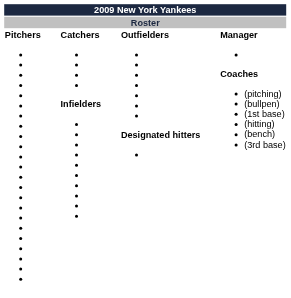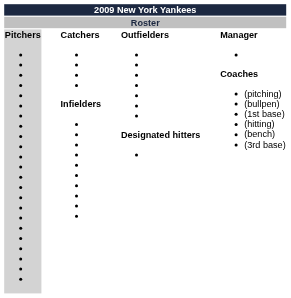 <table class="toccolours" style="font-size: 95%;">
 <tr>
 <th colspan="10" style="background:#1c2841; color:white; text-align:center;">2009 New York Yankees</th>
 </tr>
 <tr>
 <td colspan="10" style="background:silver; color:#1c2841; text-align:center;"><strong>Roster</strong></td>
 </tr>
 <tr>
-<td valign="top"><strong>Pitchers</strong><br><ul><li></li><li></li><li></li><li></li><li></li><li></li><li></li><li></li><li></li><li></li><li></li><li></li><li></li><li></li><li></li><li></li><li></li><li></li><li></li><li></li><li></li><li></li><li></li></ul></td>
+<td valign="top" style="background: lightgrey;"><strong>Pitchers</strong><br><ul><li></li><li></li><li></li><li></li><li></li><li></li><li></li><li></li><li></li><li></li><li></li><li></li><li></li><li></li><li></li><li></li><li></li><li></li><li></li><li></li><li></li><li></li><li></li></ul></td>
 <td style="width:25px;"></td>
 <td valign="top"><strong>Catchers</strong><br><ul><li></li><li></li><li></li><li></li></ul><strong>Infielders</strong><ul><li></li><li></li><li></li><li></li><li></li><li></li><li></li><li></li><li></li><li></li></ul></td>
 <td style="width:25px;"></td>
 <td valign="top"><strong>Outfielders</strong><br><ul><li></li><li></li><li></li><li></li><li></li><li></li><li></li></ul><strong>Designated hitters</strong><ul><li></li></ul></td>
 <td style="width:25px;"></td>
 <td valign="top"><strong>Manager</strong><br><ul><li></li></ul><strong>Coaches</strong><ul><li> (pitching)</li><li> (bullpen)</li><li>  (1st base)</li><li>  (hitting)</li><li> (bench)</li><li> (3rd base)</li></ul></td>
 </tr>
 </table>
